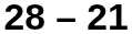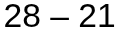 <table style="text-align:center">
 <tr>
 <th width=200></th>
 <th width=100></th>
 <th width=200></th>
 </tr>
 <tr>
 <td align=right><strong></strong></td>
-<td><strong>28 – 21</strong></td>
+<td>28 – 21</td>
 <td align=left></td>
 </tr>
 </table>
